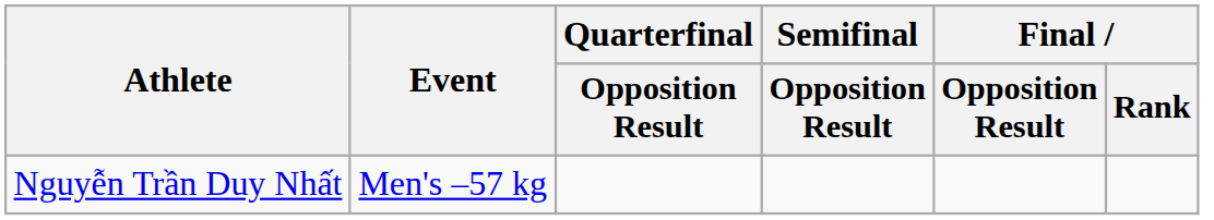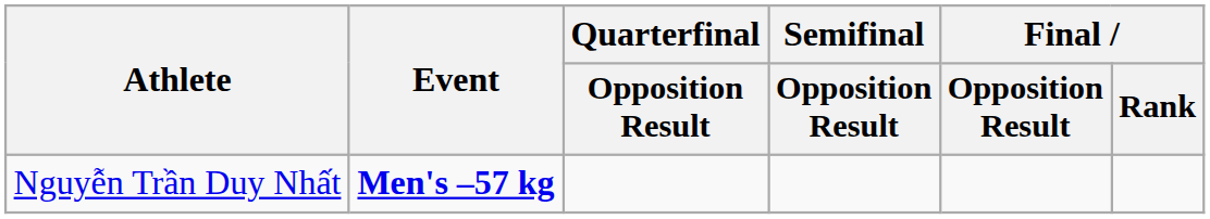 <table class=wikitable style=font-size:90%;text-align:center>
 <tr>
 <th rowspan=2>Athlete</th>
 <th rowspan=2>Event</th>
 <th>Quarterfinal</th>
 <th>Semifinal</th>
 <th colspan=2>Final / </th>
 </tr>
 <tr style=font-size:95%>
 <th>Opposition<br>Result</th>
 <th>Opposition<br>Result</th>
 <th>Opposition<br>Result</th>
 <th>Rank</th>
 </tr>
 <tr>
 <td align=left><a href='#'>Nguyễn Trần Duy Nhất</a></td>
-<td align=left><a href='#'>Men's –57 kg</a></td>
+<td align=left><strong><a href='#'>Men's –57 kg</a></strong></td>
 <td></td>
 <td></td>
 <td></td>
 <td></td>
 </tr>
 </table>
